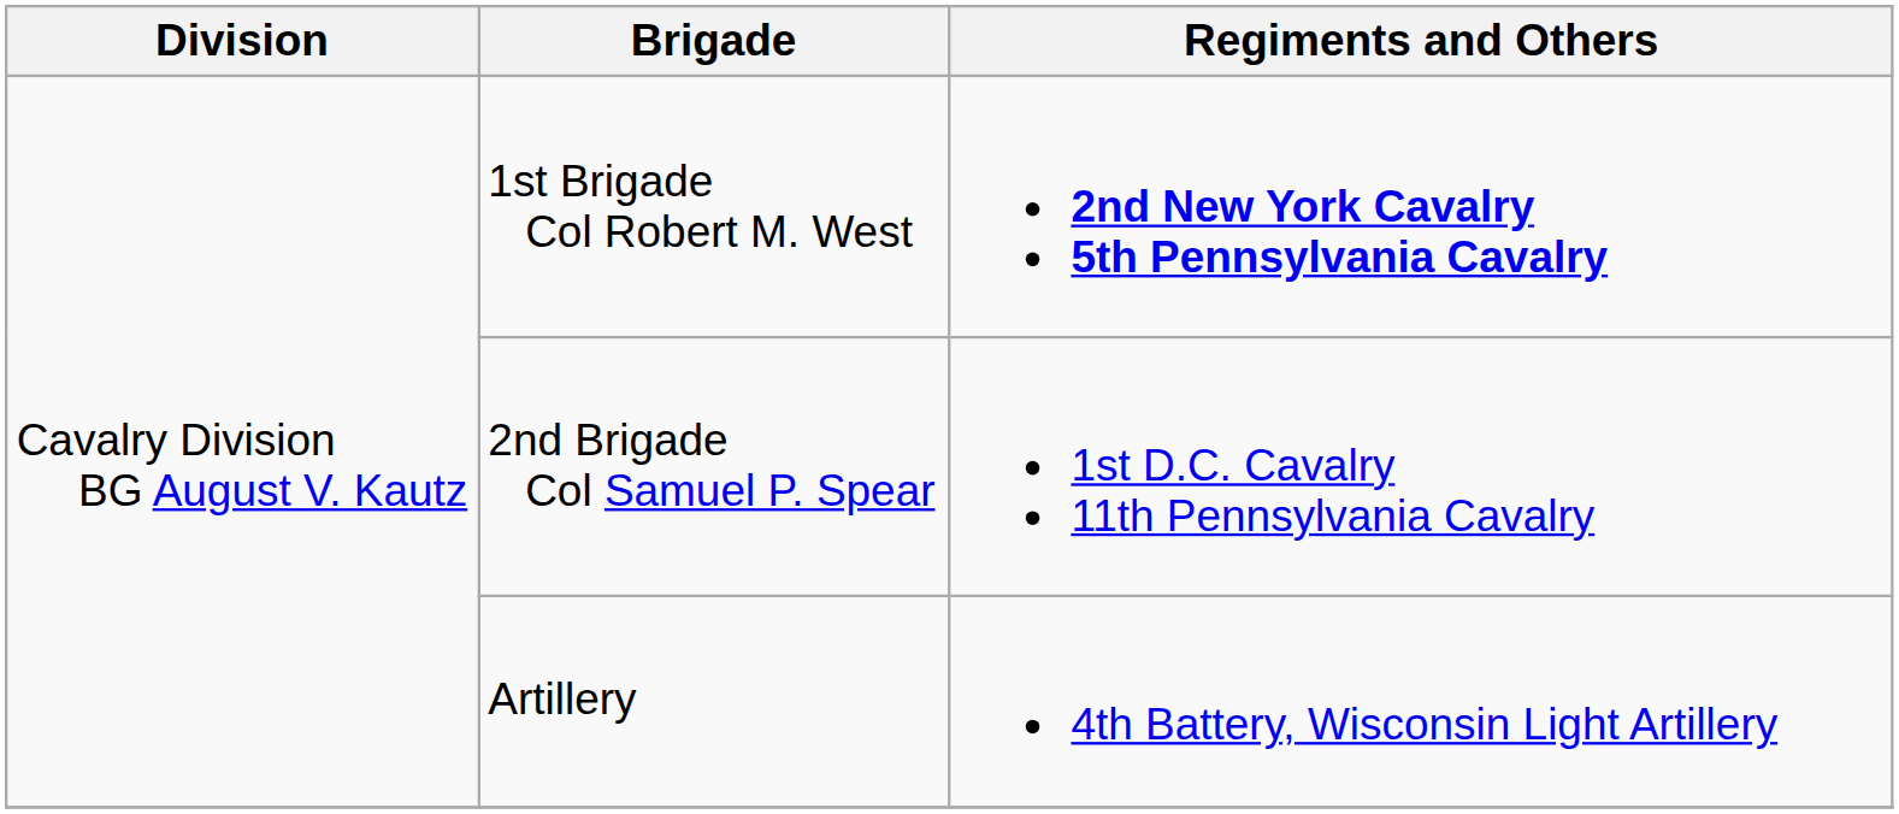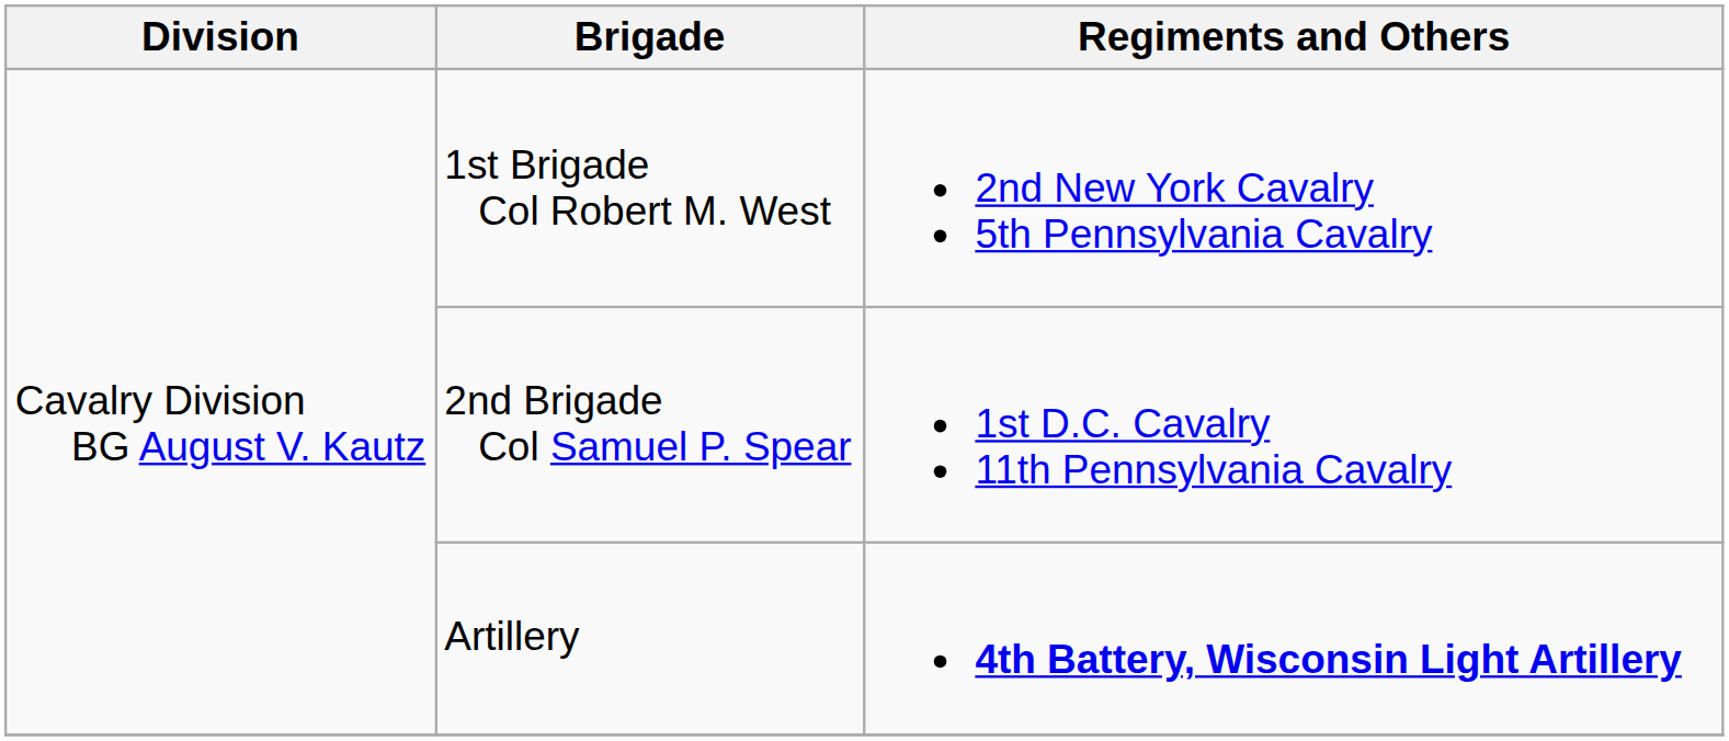 <table class="wikitable">
 <tr>
 <th width=25%>Division</th>
 <th width=25%>Brigade</th>
 <th>Regiments and Others</th>
 </tr>
 <tr>
 <td rowspan=3><br>Cavalry Division <br>     BG <a href='#'>August V. Kautz</a></td>
 <td>1st Brigade<br>   Col Robert M. West</td>
-<td><strong><br><ul><li><a href='#'>2nd New York Cavalry</a></li><li><a href='#'>5th Pennsylvania Cavalry</a></li></ul></strong></td>
+<td><br><ul><li><a href='#'>2nd New York Cavalry</a></li><li><a href='#'>5th Pennsylvania Cavalry</a></li></ul></td>
 </tr>
 <tr>
 <td>2nd Brigade<br>   Col <a href='#'>Samuel P. Spear</a></td>
 <td><br><ul><li><a href='#'>1st D.C. Cavalry</a></li><li><a href='#'>11th Pennsylvania Cavalry</a></li></ul></td>
 </tr>
 <tr>
 <td>Artillery</td>
-<td><br><ul><li><a href='#'>4th Battery, Wisconsin Light Artillery</a></li></ul></td>
+<td><strong><br><ul><li><a href='#'>4th Battery, Wisconsin Light Artillery</a></li></ul></strong></td>
 </tr>
 <tr>
 </tr>
 </table>
